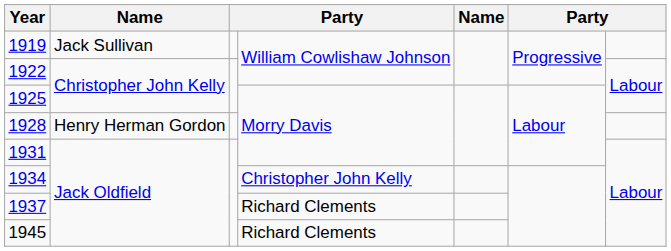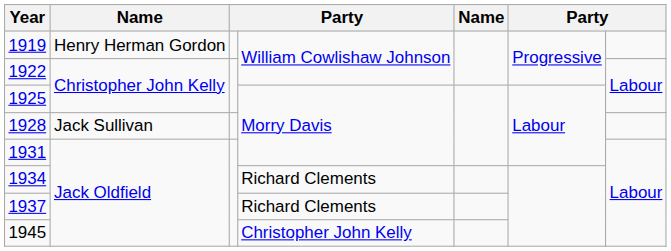 <table class="wikitable">
 <tr>
 <th>Year</th>
 <th>Name</th>
 <th colspan=2>Party</th>
 <th>Name</th>
 <th colspan=2>Party</th>
 </tr>
 <tr>
 <td><a href='#'>1919</a></td>
-<td>Jack Sullivan</td>
+<td>Henry Herman Gordon</td>
 <td></td>
 <td rowspan=2><a href='#'>William Cowlishaw Johnson</a></td>
 <td rowspan=2 style="background-color: "></td>
 <td rowspan=2><a href='#'>Progressive</a></td>
 </tr>
 <tr>
 <td><a href='#'>1922</a></td>
 <td rowspan=2><a href='#'>Christopher John Kelly</a></td>
 <td rowspan=2 style="background-color: "></td>
 <td rowspan=2><a href='#'>Labour</a></td>
 </tr>
 <tr>
 <td><a href='#'>1925</a></td>
 <td rowspan=3><a href='#'>Morry Davis</a></td>
 <td rowspan=3 style="background-color: "></td>
 <td rowspan=3><a href='#'>Labour</a></td>
 </tr>
 <tr>
 <td><a href='#'>1928</a></td>
-<td>Henry Herman Gordon</td>
+<td>Jack Sullivan</td>
 <td></td>
 </tr>
 <tr>
 <td><a href='#'>1931</a></td>
 <td rowspan=4><a href='#'>Jack Oldfield</a></td>
 <td rowspan=4 style="background-color: "></td>
 <td rowspan=4><a href='#'>Labour</a></td>
 </tr>
 <tr>
 <td><a href='#'>1934</a></td>
-<td><a href='#'>Christopher John Kelly</a></td>
+<td>Richard Clements</td>
 <td></td>
 </tr>
 <tr>
 <td><a href='#'>1937</a></td>
 <td>Richard Clements</td>
 <td></td>
 </tr>
 <tr>
 <td>1945</td>
-<td>Richard Clements</td>
+<td><a href='#'>Christopher John Kelly</a></td>
 <td></td>
 </tr>
 </table>
